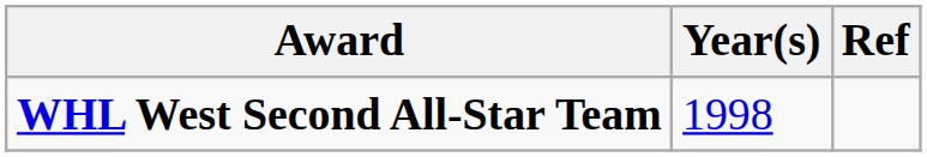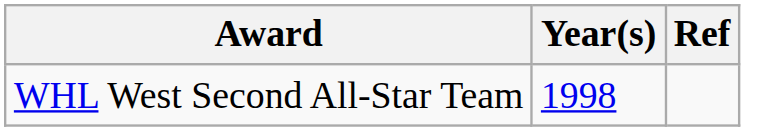 <table class="wikitable">
 <tr>
 <th>Award</th>
 <th>Year(s)</th>
 <th>Ref</th>
 </tr>
 <tr>
-<td><strong><a href='#'>WHL</a> West Second All-Star Team</strong></td>
+<td><a href='#'>WHL</a> West Second All-Star Team</td>
 <td><a href='#'>1998</a></td>
 <td></td>
 </tr>
 </table>
